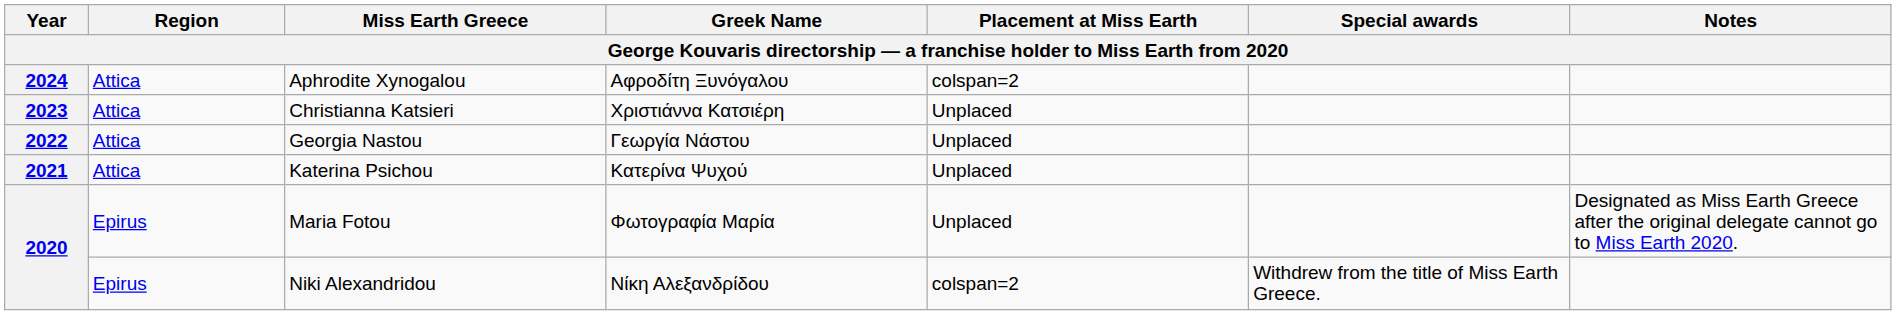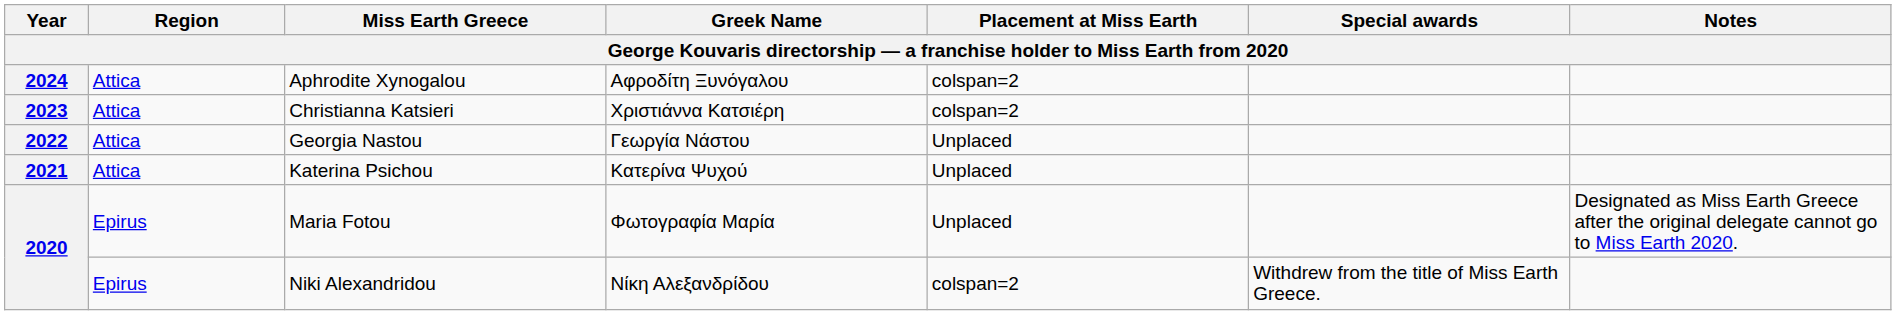 <table class="wikitable " style="font-size: 95%;">
 <tr>
 <th width="60">Year</th>
 <th width="150">Region</th>
 <th width="250">Miss Earth Greece</th>
 <th width="250">Greek Name</th>
 <th width="250">Placement at Miss Earth</th>
 <th width="250">Special awards</th>
 <th width="250">Notes</th>
 </tr>
 <tr>
 <th colspan="7">George Kouvaris directorship — a franchise holder to Miss Earth from 2020</th>
 </tr>
 <tr>
 <th><a href='#'>2024</a></th>
 <td><a href='#'>Attica</a></td>
 <td>Aphrodite Xynogalou</td>
 <td>Αφροδίτη Ξυνόγαλου</td>
 <td>colspan=2 </td>
 <td></td>
 </tr>
 <tr>
 <th><a href='#'>2023</a></th>
 <td><a href='#'>Attica</a></td>
 <td>Christianna Katsieri</td>
 <td>Χριστιάννα Κατσιέρη</td>
-<td>Unplaced</td>
+<td>colspan=2 </td>
 <td></td>
 <td></td>
 </tr>
 <tr>
 <th><a href='#'>2022</a></th>
 <td><a href='#'>Attica</a></td>
 <td>Georgia Nastou</td>
 <td>Γεωργία Νάστου</td>
 <td>Unplaced</td>
 <td></td>
 <td></td>
 </tr>
 <tr>
 <th><a href='#'>2021</a></th>
 <td><a href='#'>Attica</a></td>
 <td>Katerina Psichou</td>
 <td>Κατερίνα Ψυχού</td>
 <td>Unplaced</td>
 <td></td>
 <td></td>
 </tr>
 <tr>
 <th rowspan="2"><a href='#'>2020</a></th>
 <td><a href='#'>Epirus</a></td>
 <td>Maria Fotou</td>
 <td>Φωτογραφία Μαρία</td>
 <td>Unplaced</td>
 <td></td>
 <td>Designated as Miss Earth Greece after the original delegate cannot go to <a href='#'>Miss Earth 2020</a>.</td>
 </tr>
 <tr>
 <td><a href='#'>Epirus</a></td>
 <td>Niki Alexandridou</td>
 <td>Νίκη Αλεξανδρίδου</td>
 <td>colspan=2 </td>
 <td>Withdrew from the title of Miss Earth Greece.</td>
 </tr>
 </table>
